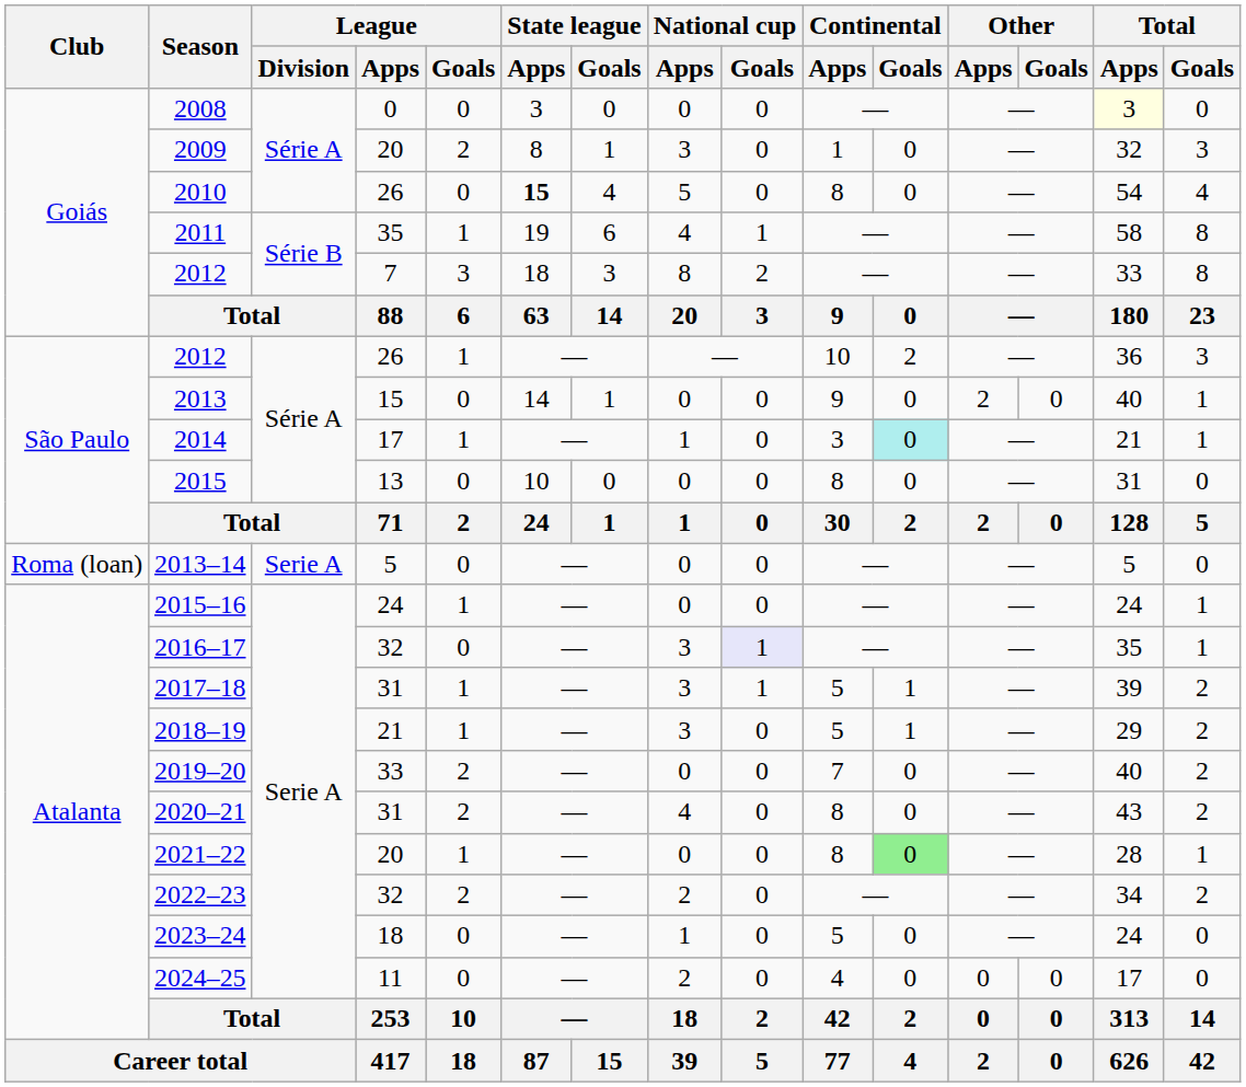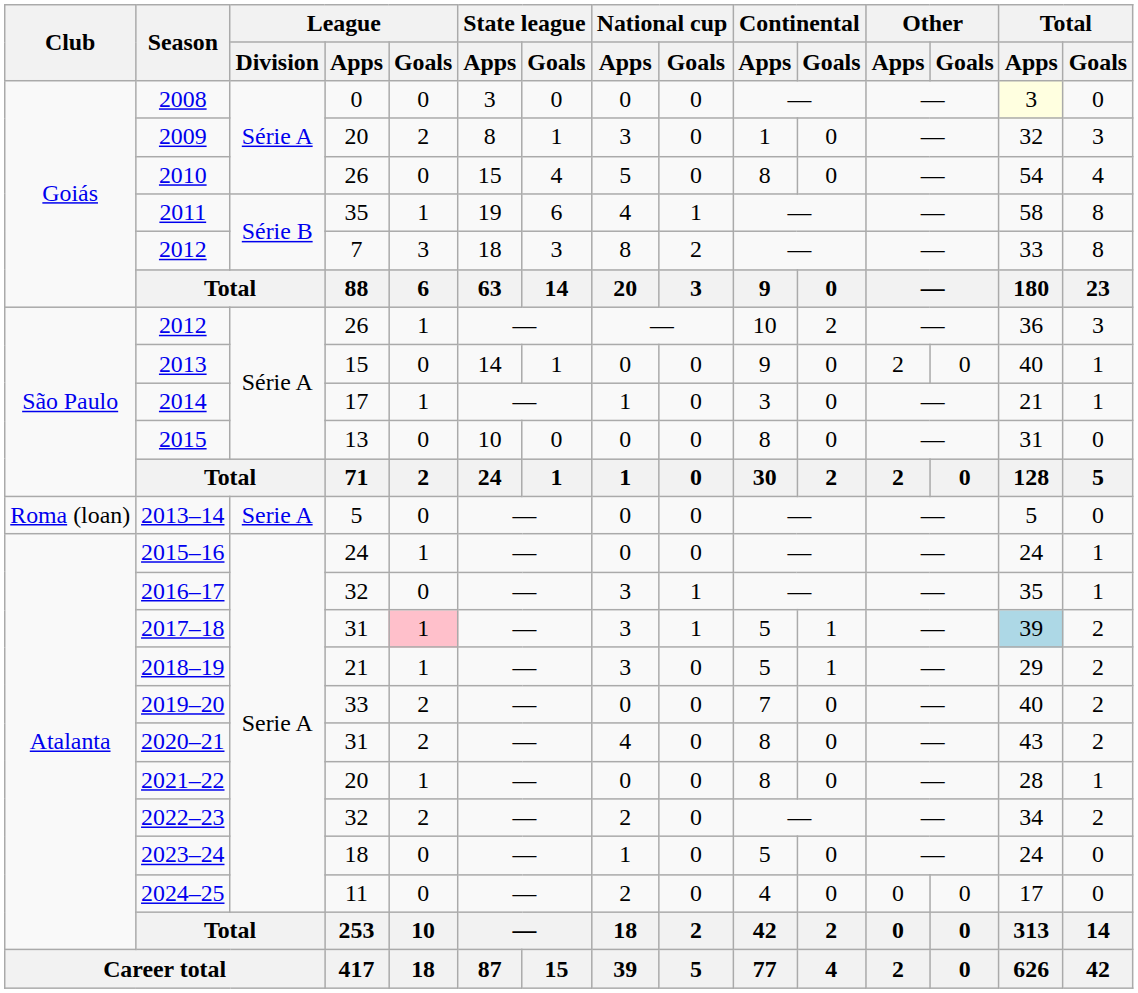 <table class="wikitable" style="text-align:center">
 <tr>
 <th rowspan="2">Club</th>
 <th rowspan="2">Season</th>
 <th colspan="3">League</th>
 <th colspan="2">State league</th>
 <th colspan="2">National cup</th>
 <th colspan="2">Continental</th>
 <th colspan="2">Other</th>
 <th colspan="2">Total</th>
 </tr>
 <tr>
 <th>Division</th>
 <th>Apps</th>
 <th>Goals</th>
 <th>Apps</th>
 <th>Goals</th>
 <th>Apps</th>
 <th>Goals</th>
 <th>Apps</th>
 <th>Goals</th>
 <th>Apps</th>
 <th>Goals</th>
 <th>Apps</th>
 <th>Goals</th>
 </tr>
 <tr>
 <td rowspan="6"><a href='#'>Goiás</a></td>
 <td><a href='#'>2008</a></td>
 <td rowspan="3"><a href='#'>Série A</a></td>
 <td>0</td>
 <td>0</td>
 <td>3</td>
 <td>0</td>
 <td>0</td>
 <td>0</td>
 <td colspan="2">—</td>
 <td colspan="2">—</td>
 <td style="background: lightyellow;">3</td>
 <td>0</td>
 </tr>
 <tr>
 <td><a href='#'>2009</a></td>
 <td>20</td>
 <td>2</td>
 <td>8</td>
 <td>1</td>
 <td>3</td>
 <td>0</td>
 <td>1</td>
 <td>0</td>
 <td colspan="2">—</td>
 <td>32</td>
 <td>3</td>
 </tr>
 <tr>
 <td><a href='#'>2010</a></td>
 <td>26</td>
 <td>0</td>
-<td><strong>15</strong></td>
+<td>15</td>
 <td>4</td>
 <td>5</td>
 <td>0</td>
 <td>8</td>
 <td>0</td>
 <td colspan="2">—</td>
 <td>54</td>
 <td>4</td>
 </tr>
 <tr>
 <td><a href='#'>2011</a></td>
 <td rowspan="2"><a href='#'>Série B</a></td>
 <td>35</td>
 <td>1</td>
 <td>19</td>
 <td>6</td>
 <td>4</td>
 <td>1</td>
 <td colspan="2">—</td>
 <td colspan="2">—</td>
 <td>58</td>
 <td>8</td>
 </tr>
 <tr>
 <td><a href='#'>2012</a></td>
 <td>7</td>
 <td>3</td>
 <td>18</td>
 <td>3</td>
 <td>8</td>
 <td>2</td>
 <td colspan="2">—</td>
 <td colspan="2">—</td>
 <td>33</td>
 <td>8</td>
 </tr>
 <tr>
 <th colspan="2">Total</th>
 <th>88</th>
 <th>6</th>
 <th>63</th>
 <th>14</th>
 <th>20</th>
 <th>3</th>
 <th>9</th>
 <th>0</th>
 <th colspan="2">—</th>
 <th>180</th>
 <th>23</th>
 </tr>
 <tr>
 <td rowspan="5"><a href='#'>São Paulo</a></td>
 <td><a href='#'>2012</a></td>
 <td rowspan="4">Série A</td>
 <td>26</td>
 <td>1</td>
 <td colspan="2">—</td>
 <td colspan="2">—</td>
 <td>10</td>
 <td>2</td>
 <td colspan="2">—</td>
 <td>36</td>
 <td>3</td>
 </tr>
 <tr>
 <td><a href='#'>2013</a></td>
 <td>15</td>
 <td>0</td>
 <td>14</td>
 <td>1</td>
 <td>0</td>
 <td>0</td>
 <td>9</td>
 <td>0</td>
 <td>2</td>
 <td>0</td>
 <td>40</td>
 <td>1</td>
 </tr>
 <tr>
 <td><a href='#'>2014</a></td>
 <td>17</td>
 <td>1</td>
 <td colspan="2">—</td>
 <td>1</td>
 <td>0</td>
 <td>3</td>
-<td style="background: paleturquoise;">0</td>
+<td>0</td>
 <td colspan="2">—</td>
 <td>21</td>
 <td>1</td>
 </tr>
 <tr>
 <td><a href='#'>2015</a></td>
 <td>13</td>
 <td>0</td>
 <td>10</td>
 <td>0</td>
 <td>0</td>
 <td>0</td>
 <td>8</td>
 <td>0</td>
 <td colspan="2">—</td>
 <td>31</td>
 <td>0</td>
 </tr>
 <tr>
 <th colspan="2">Total</th>
 <th>71</th>
 <th>2</th>
 <th>24</th>
 <th>1</th>
 <th>1</th>
 <th>0</th>
 <th>30</th>
 <th>2</th>
 <th>2</th>
 <th>0</th>
 <th>128</th>
 <th>5</th>
 </tr>
 <tr>
 <td><a href='#'>Roma</a> (loan)</td>
 <td><a href='#'>2013–14</a></td>
 <td><a href='#'>Serie A</a></td>
 <td>5</td>
 <td>0</td>
 <td colspan="2">—</td>
 <td>0</td>
 <td>0</td>
 <td colspan="2">—</td>
 <td colspan="2">—</td>
 <td>5</td>
 <td>0</td>
 </tr>
 <tr>
 <td rowspan="11"><a href='#'>Atalanta</a></td>
 <td><a href='#'>2015–16</a></td>
 <td rowspan="10">Serie A</td>
 <td>24</td>
 <td>1</td>
 <td colspan="2">—</td>
 <td>0</td>
 <td>0</td>
 <td colspan="2">—</td>
 <td colspan="2">—</td>
 <td>24</td>
 <td>1</td>
 </tr>
 <tr>
 <td><a href='#'>2016–17</a></td>
 <td>32</td>
 <td>0</td>
 <td colspan="2">—</td>
 <td>3</td>
-<td style="background: lavender;">1</td>
+<td>1</td>
 <td colspan="2">—</td>
 <td colspan="2">—</td>
 <td>35</td>
 <td>1</td>
 </tr>
 <tr>
 <td><a href='#'>2017–18</a></td>
 <td>31</td>
-<td>1</td>
+<td style="background: pink;">1</td>
 <td colspan="2">—</td>
 <td>3</td>
 <td>1</td>
 <td>5</td>
 <td>1</td>
 <td colspan="2">—</td>
-<td>39</td>
+<td style="background: lightblue;">39</td>
 <td>2</td>
 </tr>
 <tr>
 <td><a href='#'>2018–19</a></td>
 <td>21</td>
 <td>1</td>
 <td colspan="2">—</td>
 <td>3</td>
 <td>0</td>
 <td>5</td>
 <td>1</td>
 <td colspan="2">—</td>
 <td>29</td>
 <td>2</td>
 </tr>
 <tr>
 <td><a href='#'>2019–20</a></td>
 <td>33</td>
 <td>2</td>
 <td colspan="2">—</td>
 <td>0</td>
 <td>0</td>
 <td>7</td>
 <td>0</td>
 <td colspan="2">—</td>
 <td>40</td>
 <td>2</td>
 </tr>
 <tr>
 <td><a href='#'>2020–21</a></td>
 <td>31</td>
 <td>2</td>
 <td colspan="2">—</td>
 <td>4</td>
 <td>0</td>
 <td>8</td>
 <td>0</td>
 <td colspan="2">—</td>
 <td>43</td>
 <td>2</td>
 </tr>
 <tr>
 <td><a href='#'>2021–22</a></td>
 <td>20</td>
 <td>1</td>
 <td colspan="2">—</td>
 <td>0</td>
 <td>0</td>
 <td>8</td>
-<td style="background: lightgreen;">0</td>
+<td>0</td>
 <td colspan="2">—</td>
 <td>28</td>
 <td>1</td>
 </tr>
 <tr>
 <td><a href='#'>2022–23</a></td>
 <td>32</td>
 <td>2</td>
 <td colspan="2">—</td>
 <td>2</td>
 <td>0</td>
 <td colspan="2">—</td>
 <td colspan="2">—</td>
 <td>34</td>
 <td>2</td>
 </tr>
 <tr>
 <td><a href='#'>2023–24</a></td>
 <td>18</td>
 <td>0</td>
 <td colspan="2">—</td>
 <td>1</td>
 <td>0</td>
 <td>5</td>
 <td>0</td>
 <td colspan="2">—</td>
 <td>24</td>
 <td>0</td>
 </tr>
 <tr>
 <td><a href='#'>2024–25</a></td>
 <td>11</td>
 <td>0</td>
 <td colspan="2">—</td>
 <td>2</td>
 <td>0</td>
 <td>4</td>
 <td>0</td>
 <td>0</td>
 <td>0</td>
 <td>17</td>
 <td>0</td>
 </tr>
 <tr>
 <th colspan="2">Total</th>
 <th>253</th>
 <th>10</th>
 <th colspan="2">—</th>
 <th>18</th>
 <th>2</th>
 <th>42</th>
 <th>2</th>
 <th>0</th>
 <th>0</th>
 <th>313</th>
 <th>14</th>
 </tr>
 <tr>
 <th colspan="3">Career total</th>
 <th>417</th>
 <th>18</th>
 <th>87</th>
 <th>15</th>
 <th>39</th>
 <th>5</th>
 <th>77</th>
 <th>4</th>
 <th>2</th>
 <th>0</th>
 <th>626</th>
 <th>42</th>
 </tr>
 </table>
